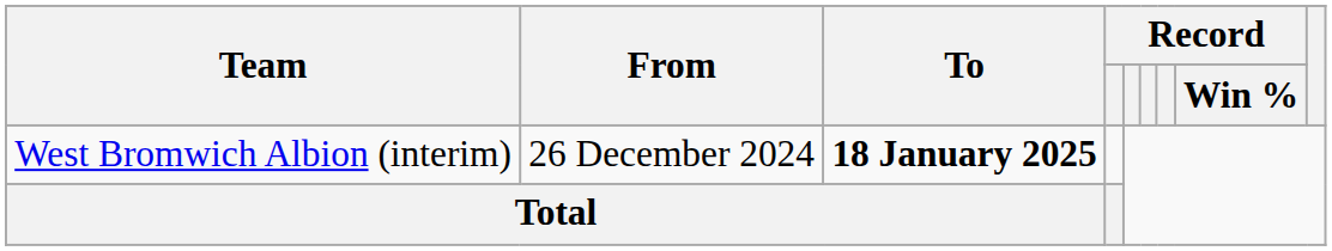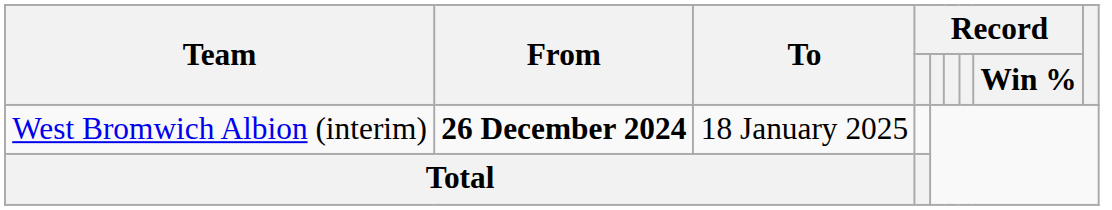 <table class=wikitable style=text-align:center>
 <tr>
 <th rowspan=2>Team</th>
 <th rowspan=2>From</th>
 <th rowspan=2>To</th>
 <th colspan=5>Record</th>
 <th rowspan=2></th>
 </tr>
 <tr>
 <th></th>
 <th></th>
 <th></th>
 <th></th>
 <th>Win %</th>
 </tr>
 <tr>
 <td align=left><a href='#'>West Bromwich Albion</a> (interim)</td>
-<td align=left>26 December 2024</td>
-<td align=left><strong>18 January 2025<br></strong></td>
+<td align=left><strong>26 December 2024</strong></td>
+<td align=left>18 January 2025<br></td>
 <td></td>
 </tr>
 <tr>
 <th colspan=3>Total<br></th>
 <th></th>
 </tr>
 </table>
